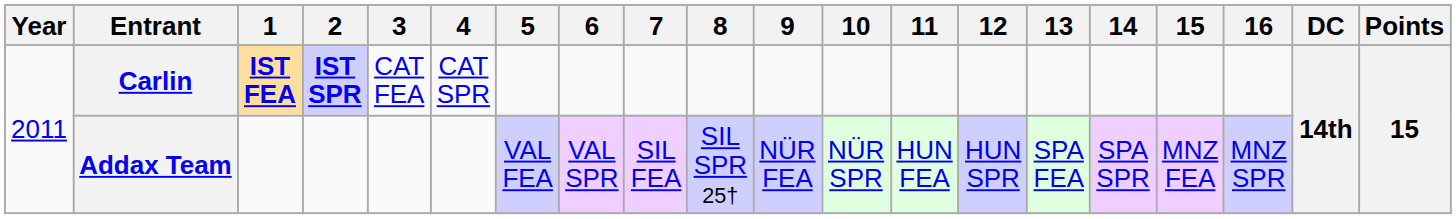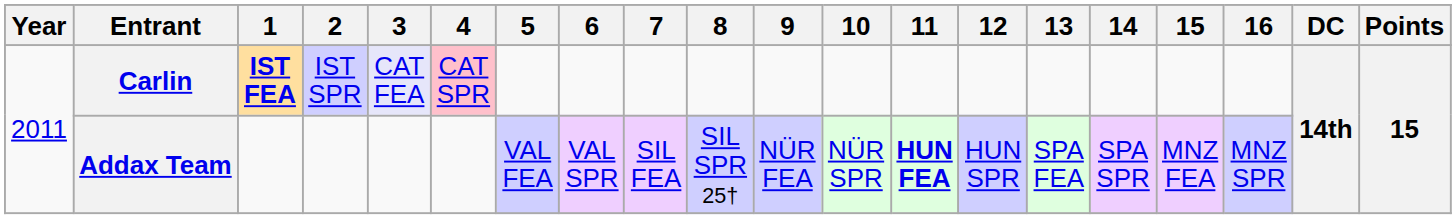 <table class="wikitable" style="text-align:center; font-size:85%">
 <tr>
 <th>Year</th>
 <th>Entrant</th>
 <th>1</th>
 <th>2</th>
 <th>3</th>
 <th>4</th>
 <th>5</th>
 <th>6</th>
 <th>7</th>
 <th>8</th>
 <th>9</th>
 <th>10</th>
 <th>11</th>
 <th>12</th>
 <th>13</th>
 <th>14</th>
 <th>15</th>
 <th>16</th>
 <th>DC</th>
 <th>Points</th>
 </tr>
 <tr>
 <td rowspan=2><a href='#'>2011</a></td>
 <th><a href='#'>Carlin</a></th>
 <td style="background:#FFDF9F;"><strong><a href='#'>IST<br>FEA</a></strong><br></td>
-<td style="background:#cfcfff;"><strong><a href='#'>IST<br>SPR</a><br></strong></td>
-<td><a href='#'>CAT<br>FEA</a></td>
-<td><a href='#'>CAT<br>SPR</a></td>
+<td style="background:#cfcfff;"><a href='#'>IST<br>SPR</a><br></td>
+<td style="background: lavender;"><a href='#'>CAT<br>FEA</a></td>
+<td style="background: pink;"><a href='#'>CAT<br>SPR</a></td>
 <td></td>
 <td></td>
 <td></td>
 <td></td>
 <td></td>
 <td></td>
 <td></td>
 <td></td>
 <td></td>
 <td></td>
 <td></td>
 <td></td>
 <th rowspan=2>14th</th>
 <th rowspan=2>15</th>
 </tr>
 <tr>
 <th nowrap><a href='#'>Addax Team</a></th>
 <td></td>
 <td></td>
 <td></td>
 <td></td>
 <td style="background:#cfcfff;"><a href='#'>VAL<br>FEA</a><br></td>
 <td style="background:#efcfff;"><a href='#'>VAL<br>SPR</a><br></td>
 <td style="background:#efcfff;"><a href='#'>SIL<br>FEA</a><br></td>
 <td style="background:#cfcfff;"><a href='#'>SIL<br>SPR</a><br><small>25†</small></td>
 <td style="background:#cfcfff;"><a href='#'>NÜR<br>FEA</a><br></td>
 <td style="background:#dfffdf;"><a href='#'>NÜR<br>SPR</a><br></td>
-<td style="background:#dfffdf;"><a href='#'>HUN<br>FEA</a><br></td>
+<td style="background:#dfffdf;"><strong><a href='#'>HUN<br>FEA</a><br></strong></td>
 <td style="background:#cfcfff;"><a href='#'>HUN<br>SPR</a><br></td>
 <td style="background:#dfffdf;"><a href='#'>SPA<br>FEA</a><br></td>
 <td style="background:#efcfff;"><a href='#'>SPA<br>SPR</a><br></td>
 <td style="background:#efcfff;"><a href='#'>MNZ<br>FEA</a><br></td>
 <td style="background:#cfcfff;"><a href='#'>MNZ<br>SPR</a><br></td>
 </tr>
 </table>
